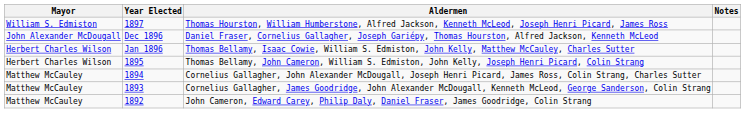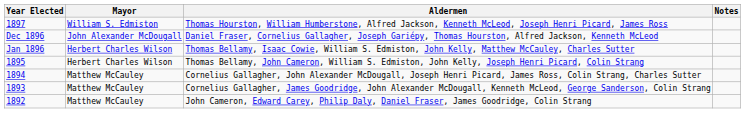 <table class="wikitable">
 <tr>
+<th>Year Elected</th>
 <th>Mayor</th>
-<th>Year Elected</th>
 <th>Aldermen</th>
 <th>Notes</th>
 </tr>
 <tr>
+<td><a href='#'>1897</a></td>
 <td><a href='#'>William S. Edmiston</a></td>
-<td><a href='#'>1897</a></td>
 <td><a href='#'>Thomas Hourston</a>, <a href='#'>William Humberstone</a>, Alfred Jackson, <a href='#'>Kenneth McLeod</a>, <a href='#'>Joseph Henri Picard</a>, <a href='#'>James Ross</a></td>
 <td></td>
 </tr>
 <tr>
+<td><a href='#'>Dec 1896</a></td>
 <td><a href='#'>John Alexander McDougall</a></td>
-<td><a href='#'>Dec 1896</a></td>
 <td><a href='#'>Daniel Fraser</a>, <a href='#'>Cornelius Gallagher</a>, <a href='#'>Joseph Gariépy</a>, <a href='#'>Thomas Hourston</a>, Alfred Jackson, <a href='#'>Kenneth McLeod</a></td>
 <td></td>
 </tr>
 <tr>
+<td><a href='#'>Jan 1896</a></td>
 <td><a href='#'>Herbert Charles Wilson</a></td>
-<td><a href='#'>Jan 1896</a></td>
 <td><a href='#'>Thomas Bellamy</a>, <a href='#'>Isaac Cowie</a>, William S. Edmiston, <a href='#'>John Kelly</a>, <a href='#'>Matthew McCauley</a>, <a href='#'>Charles Sutter</a></td>
 <td></td>
 </tr>
 <tr>
+<td><a href='#'>1895</a></td>
 <td>Herbert Charles Wilson</td>
-<td><a href='#'>1895</a></td>
 <td>Thomas Bellamy, <a href='#'>John Cameron</a>, William S. Edmiston, John Kelly, <a href='#'>Joseph Henri Picard</a>, <a href='#'>Colin Strang</a></td>
 <td></td>
 </tr>
 <tr>
+<td><a href='#'>1894</a></td>
 <td>Matthew McCauley</td>
-<td><a href='#'>1894</a></td>
 <td>Cornelius Gallagher, John Alexander McDougall, Joseph Henri Picard, James Ross, Colin Strang, Charles Sutter</td>
 <td></td>
 </tr>
 <tr>
+<td><a href='#'>1893</a></td>
 <td>Matthew McCauley</td>
-<td><a href='#'>1893</a></td>
 <td>Cornelius Gallagher, <a href='#'>James Goodridge</a>, John Alexander McDougall, Kenneth McLeod, <a href='#'>George Sanderson</a>, Colin Strang</td>
 <td></td>
 </tr>
 <tr>
+<td><a href='#'>1892</a></td>
 <td>Matthew McCauley</td>
-<td><a href='#'>1892</a></td>
 <td>John Cameron, <a href='#'>Edward Carey</a>, <a href='#'>Philip Daly</a>, <a href='#'>Daniel Fraser</a>, James Goodridge, Colin Strang</td>
 <td></td>
 </tr>
 </table>
